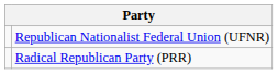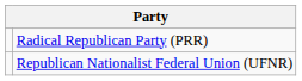 <table class="wikitable" style="text-align:left;">
 <tr>
 <th colspan="2">Party</th>
 </tr>
 <tr>
+<td width="1"></td>
+<td><a href='#'>Radical Republican Party</a> (PRR)</td>
+</tr>
+<tr>
 <td></td>
 <td><a href='#'>Republican Nationalist Federal Union</a> (UFNR)</td>
 </tr>
-<tr>
-<td width="1"></td>
-<td><a href='#'>Radical Republican Party</a> (PRR)</td>
-</tr>
 </table>
